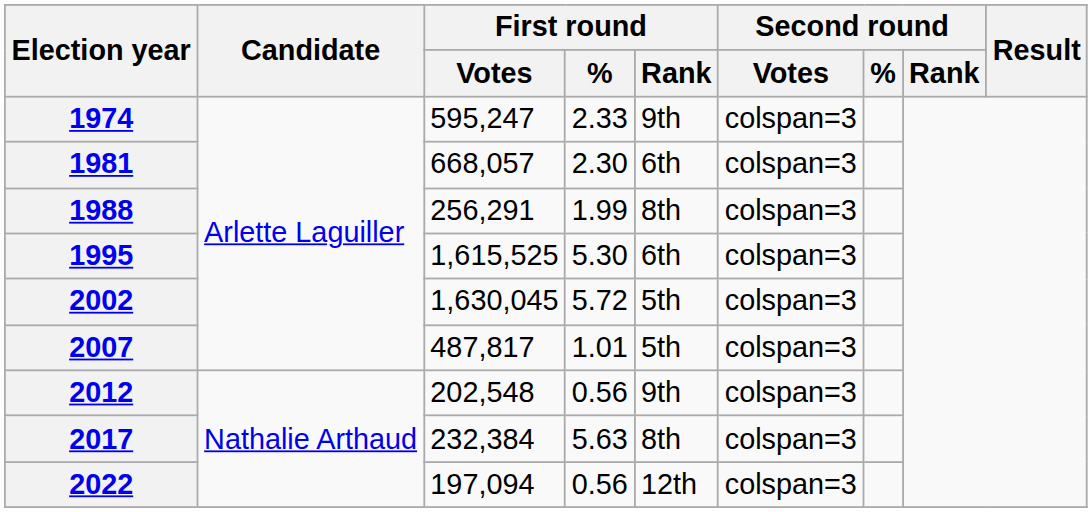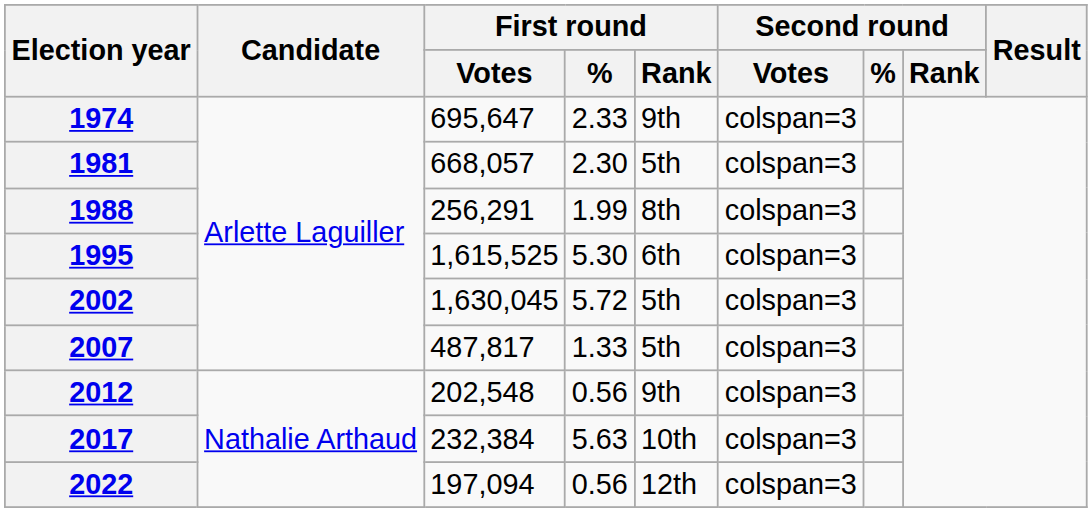 <table class="wikitable">
 <tr>
 <th rowspan="2">Election year</th>
 <th rowspan="2">Candidate</th>
 <th colspan="3">First round</th>
 <th colspan="3">Second round</th>
 <th rowspan="2">Result</th>
 </tr>
 <tr>
 <th>Votes</th>
 <th>%</th>
 <th>Rank</th>
 <th>Votes</th>
 <th>%</th>
 <th>Rank</th>
 </tr>
 <tr>
 <th><a href='#'>1974</a></th>
 <td rowspan=6><a href='#'>Arlette Laguiller</a></td>
-<td>595,247</td>
+<td>695,647</td>
 <td>2.33</td>
 <td> 9th</td>
 <td>colspan=3 </td>
 <td></td>
 </tr>
 <tr>
 <th><a href='#'>1981</a></th>
 <td>668,057</td>
 <td>2.30</td>
-<td> 6th</td>
+<td> 5th</td>
 <td>colspan=3 </td>
 <td></td>
 </tr>
 <tr>
 <th><a href='#'>1988</a></th>
 <td>256,291</td>
 <td>1.99</td>
 <td> 8th</td>
 <td>colspan=3 </td>
 <td></td>
 </tr>
 <tr>
 <th><a href='#'>1995</a></th>
 <td>1,615,525</td>
 <td>5.30</td>
 <td> 6th</td>
 <td>colspan=3 </td>
 <td></td>
 </tr>
 <tr>
 <th><a href='#'>2002</a></th>
 <td>1,630,045</td>
 <td>5.72</td>
 <td> 5th</td>
 <td>colspan=3 </td>
 <td></td>
 </tr>
 <tr>
 <th><a href='#'>2007</a></th>
 <td>487,817</td>
-<td>1.01</td>
+<td>1.33</td>
 <td> 5th</td>
 <td>colspan=3 </td>
 <td></td>
 </tr>
 <tr>
 <th><a href='#'>2012</a></th>
 <td rowspan=3><a href='#'>Nathalie Arthaud</a></td>
 <td>202,548</td>
 <td>0.56</td>
 <td> 9th</td>
 <td>colspan=3 </td>
 <td></td>
 </tr>
 <tr>
 <th><a href='#'>2017</a></th>
 <td>232,384</td>
 <td>5.63</td>
-<td> 8th</td>
+<td> 10th</td>
 <td>colspan=3 </td>
 <td></td>
 </tr>
 <tr>
 <th><a href='#'>2022</a></th>
 <td>197,094</td>
 <td>0.56</td>
 <td> 12th</td>
 <td>colspan=3 </td>
 <td></td>
 </tr>
 </table>
